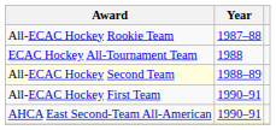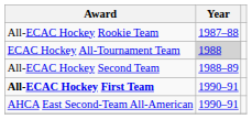 <table class="wikitable">
 <tr>
 <th>Award</th>
 <th>Year</th>
 <th></th>
 </tr>
 <tr>
 <td>All-<a href='#'>ECAC Hockey</a> <a href='#'>Rookie Team</a></td>
 <td><a href='#'>1987–88</a></td>
 <td></td>
 </tr>
 <tr>
 <td><a href='#'>ECAC Hockey</a> <a href='#'>All-Tournament Team</a></td>
-<td><a href='#'>1988</a></td>
+<td style="background: lightgrey;"><a href='#'>1988</a></td>
 <td></td>
 </tr>
 <tr>
-<td style="background: lightyellow;">All-<a href='#'>ECAC Hockey</a> <a href='#'>Second Team</a></td>
+<td>All-<a href='#'>ECAC Hockey</a> <a href='#'>Second Team</a></td>
 <td><a href='#'>1988–89</a></td>
 <td></td>
 </tr>
 <tr>
-<td>All-<a href='#'>ECAC Hockey</a> <a href='#'>First Team</a></td>
+<td><strong>All-<a href='#'>ECAC Hockey</a> <a href='#'>First Team</a></strong></td>
 <td><a href='#'>1990–91</a></td>
 <td></td>
 </tr>
 <tr>
 <td><a href='#'>AHCA</a> <a href='#'>East Second-Team All-American</a></td>
-<td style="background: lightyellow;"><a href='#'>1990–91</a></td>
+<td><a href='#'>1990–91</a></td>
 <td></td>
 </tr>
 <tr>
 </tr>
 </table>
